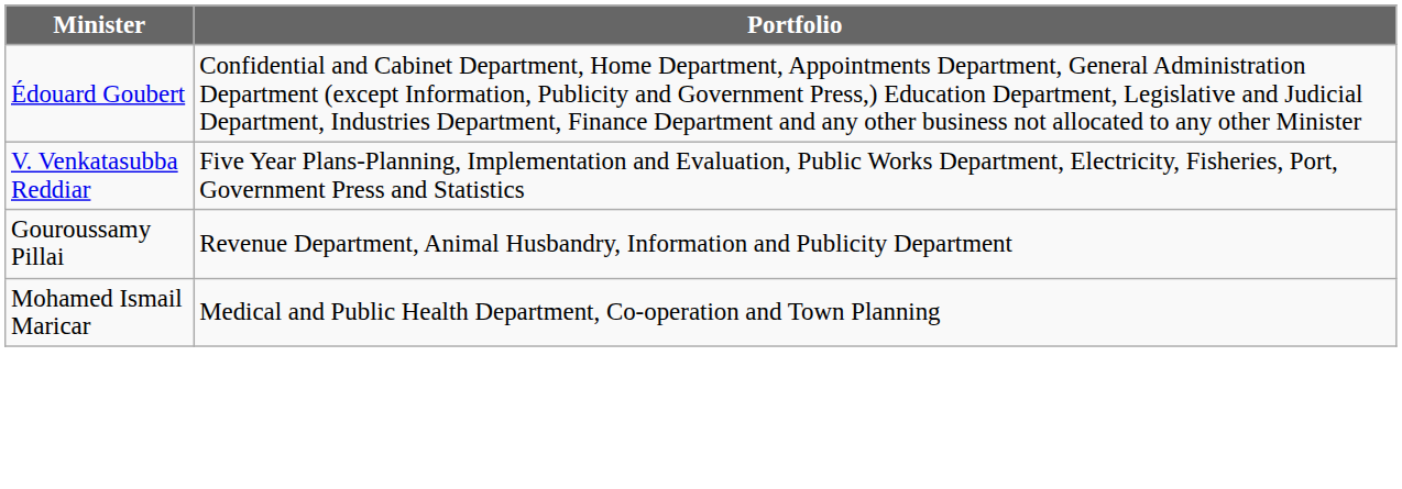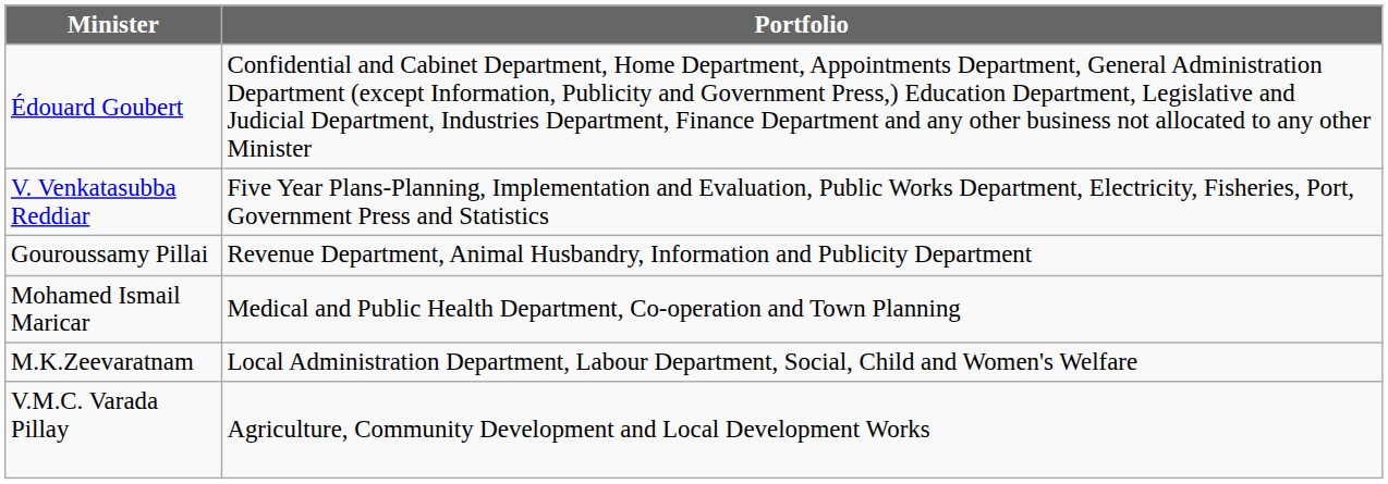 <table class="wikitable" width="70%" style="font-size: x-big; font-family: verdana">
 <tr>
 <th style="background-color:#666666; color:white">Minister</th>
 <th style="background-color:#666666; color:white">Portfolio</th>
 </tr>
 <tr -->
 <td><a href='#'>Édouard Goubert</a><br></td>
 <td>Confidential and Cabinet Department, Home Department, Appointments Department, General Administration Department (except Information, Publicity and Government Press,) Education Department, Legislative and Judicial Department, Industries Department, Finance Department and any other business not allocated to any other Minister</td>
 </tr>
 <tr -->
 <td><a href='#'>V. Venkatasubba Reddiar</a><br></td>
 <td>Five Year Plans-Planning, Implementation and Evaluation, Public Works Department, Electricity, Fisheries, Port, Government Press and Statistics</td>
 </tr>
 <tr -->
 <td>Gouroussamy Pillai<br></td>
 <td>Revenue Department, Animal Husbandry, Information and Publicity Department</td>
 </tr>
 <tr -->
 <td>Mohamed Ismail Maricar<br></td>
 <td>Medical and Public Health Department, Co-operation and Town Planning</td>
 </tr>
+<tr -->
+<td>M.K.Zeevaratnam</td>
+<td>Local Administration Department, Labour Department, Social, Child and Women's Welfare</td>
+</tr>
+<tr -->
+<td>V.M.C. Varada Pillay<br><br></td>
+<td>Agriculture, Community Development and Local Development Works</td>
+</tr>
 </table>
